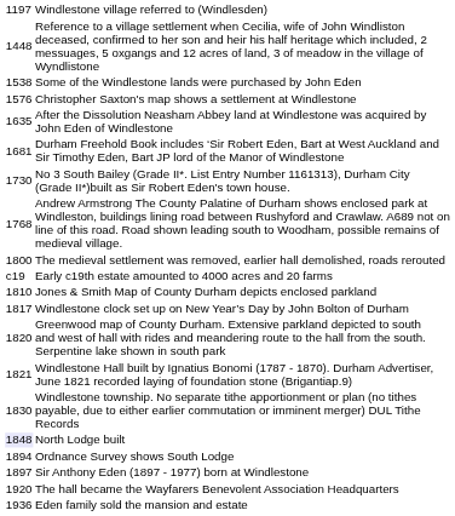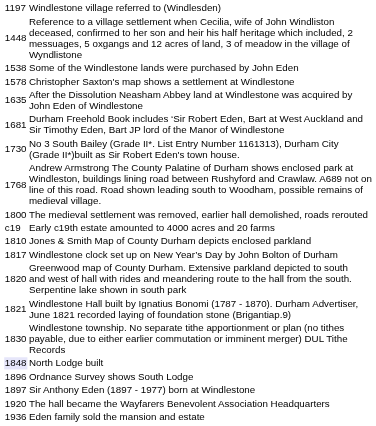 <table>
 <tr>
 <td>1197</td>
 <td>Windlestone village referred to (Windlesden)</td>
 </tr>
 <tr>
 <td>1448</td>
 <td>Reference to a village settlement when Cecilia, wife of John Windliston<br>deceased, confirmed to her son and heir his half heritage which included, 2 messuages, 5 oxgangs and 12 acres of land, 3 of meadow in the village of Wyndlistone</td>
 </tr>
 <tr>
 <td>1538</td>
 <td>Some of the Windlestone lands were purchased by John Eden</td>
 </tr>
 <tr>
-<td>1576</td>
+<td>1578</td>
 <td>Christopher Saxton's map shows a settlement at Windlestone</td>
 </tr>
 <tr>
 <td>1635</td>
 <td>After the Dissolution Neasham Abbey land at Windlestone was acquired by<br>John Eden of Windlestone</td>
 </tr>
 <tr>
 <td>1681</td>
 <td>Durham Freehold Book includes ‘Sir Robert Eden, Bart at West Auckland and<br>Sir Timothy Eden, Bart JP lord of the Manor of Windlestone</td>
 </tr>
 <tr>
 <td>1730</td>
 <td>No 3 South Bailey (Grade II*. List Entry Number 1161313), Durham City<br>(Grade II*)built as Sir Robert Eden's town house.</td>
 </tr>
 <tr>
 <td>1768</td>
 <td>Andrew Armstrong The County Palatine of Durham shows enclosed park at<br>Windleston, buildings lining road between Rushyford and Crawlaw. A689 not on line of this road. Road shown leading south to Woodham, possible remains of medieval village.</td>
 </tr>
 <tr>
 <td>1800</td>
 <td>The medieval settlement was removed, earlier hall demolished, roads rerouted</td>
 </tr>
 <tr>
 <td>c19</td>
 <td>Early c19th estate amounted to 4000 acres and 20 farms</td>
 </tr>
 <tr>
 <td>1810</td>
 <td>Jones & Smith Map of County Durham depicts enclosed parkland</td>
 </tr>
 <tr>
 <td>1817</td>
 <td>Windlestone clock set up on New Year’s Day by John Bolton of Durham</td>
 </tr>
 <tr>
 <td>1820</td>
 <td>Greenwood map of County Durham. Extensive parkland depicted to south<br>and west of hall with rides and meandering route to the hall from the south. Serpentine lake shown in south park</td>
 </tr>
 <tr>
 <td>1821</td>
 <td>Windlestone Hall built by Ignatius Bonomi (1787 - 1870). Durham Advertiser,<br>June 1821 recorded laying of foundation stone (Brigantiap.9)</td>
 </tr>
 <tr>
 <td>1830</td>
 <td>Windlestone township. No separate tithe apportionment or plan (no tithes<br>payable, due to either earlier commutation or imminent merger) DUL Tithe Records</td>
 </tr>
 <tr>
 <td style="background: lavender;">1848</td>
 <td>North Lodge built</td>
 </tr>
 <tr>
-<td>1894</td>
+<td>1896</td>
 <td>Ordnance Survey shows South Lodge</td>
 </tr>
 <tr>
 <td>1897</td>
 <td>Sir Anthony Eden (1897 - 1977) born at Windlestone</td>
 </tr>
 <tr>
 <td>1920</td>
 <td>The hall became the Wayfarers Benevolent Association Headquarters</td>
 </tr>
 <tr>
 <td>1936</td>
 <td>Eden family sold the mansion and estate</td>
 </tr>
 </table>
